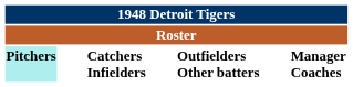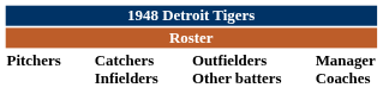 <table class="toccolours" style="font-size: 95%;">
 <tr>
 <th colspan="10" style="background-color: #003366; color: white; text-align: center;">1948 Detroit Tigers</th>
 </tr>
 <tr>
 <td colspan="10" style="background-color: #bd5d29; color: white; text-align: center;"><strong>Roster</strong></td>
 </tr>
 <tr>
-<td valign="top" style="background: paleturquoise;"><strong>Pitchers</strong><br>           </td>
+<td valign="top"><strong>Pitchers</strong><br>           </td>
 <td width="25px"></td>
 <td valign="top"><strong>Catchers</strong><br>    <strong>Infielders</strong>         </td>
 <td width="25px"></td>
 <td valign="top"><strong>Outfielders</strong><br>       <strong>Other batters</strong> </td>
 <td width="25px"></td>
 <td valign="top"><strong>Manager</strong><br> <strong>Coaches</strong>   </td>
 </tr>
 </table>
